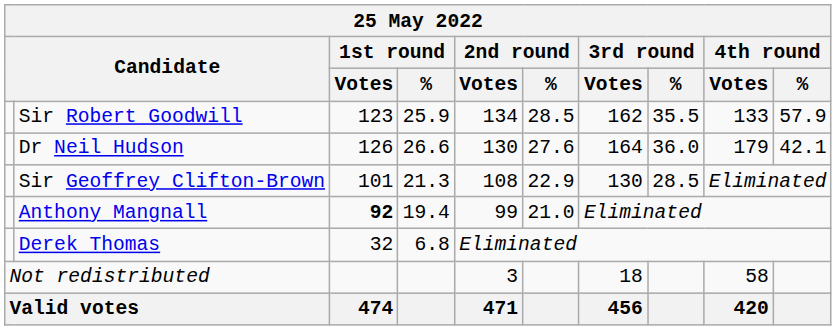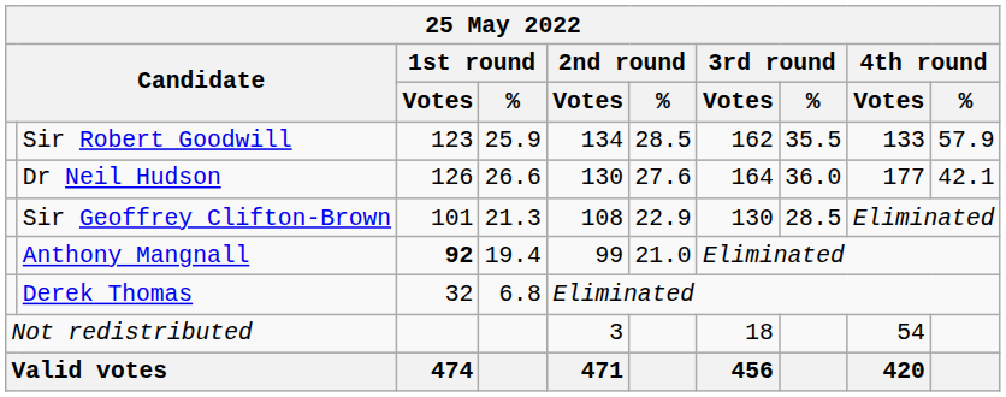 <table class="wikitable" style="min-width:250px">
 <tr>
 <th colspan="12">25 May 2022</th>
 </tr>
 <tr>
 <th colspan="2" rowspan="2">Candidate</th>
 <th colspan="2">1st round</th>
 <th colspan="2">2nd round</th>
 <th colspan="2">3rd round</th>
 <th colspan="2">4th round</th>
 </tr>
 <tr>
 <th>Votes</th>
 <th>%</th>
 <th>Votes</th>
 <th>%</th>
 <th>Votes</th>
 <th>%</th>
 <th>Votes</th>
 <th>%</th>
 </tr>
 <tr>
 <td style="color:inherit;background-color: "></td>
 <td>Sir <a href='#'>Robert Goodwill</a></td>
 <td align="right">123</td>
 <td align="right">25.9</td>
 <td align="right">134</td>
 <td align="right">28.5</td>
 <td align="right">162</td>
 <td align="right">35.5</td>
 <td align="right">133</td>
 <td align="right">57.9</td>
 </tr>
 <tr>
 <td style="color:inherit;background-color: "></td>
 <td>Dr <a href='#'>Neil Hudson</a></td>
 <td align="right">126</td>
 <td align="right">26.6</td>
 <td align="right">130</td>
 <td align="right">27.6</td>
 <td align="right">164</td>
 <td align="right">36.0</td>
-<td align="right">179</td>
+<td align="right">177</td>
 <td align="right">42.1</td>
 </tr>
 <tr>
 <td style="color:inherit;background-color: "></td>
 <td>Sir <a href='#'>Geoffrey Clifton-Brown</a></td>
 <td align="right">101</td>
 <td align="right">21.3</td>
 <td align="right">108</td>
 <td align="right">22.9</td>
 <td align="right">130</td>
 <td align="right">28.5</td>
 <td colspan="2"><em>Eliminated</em></td>
 </tr>
 <tr>
 <td style="color:inherit;background-color: "></td>
 <td><a href='#'>Anthony Mangnall</a></td>
 <td align="right"><strong>92</strong></td>
 <td align="right">19.4</td>
 <td align="right">99</td>
 <td align="right">21.0</td>
 <td colspan="4"><em>Eliminated</em></td>
 </tr>
 <tr>
 <td style="color:inherit;background-color: "></td>
 <td><a href='#'>Derek Thomas</a></td>
 <td align="right">32</td>
 <td align="right">6.8</td>
 <td colspan="6"><em>Eliminated</em></td>
 </tr>
 <tr>
 <td colspan="2"><em>Not redistributed</em></td>
 <td align="right"></td>
 <td align="right"></td>
 <td align="right">3</td>
 <td align="right"></td>
 <td align="right">18</td>
 <td align="right"></td>
-<td align="right">58</td>
+<td align="right">54</td>
 <td align="right"></td>
 </tr>
 <tr>
 <th style="text-align:left;" colspan="2"><strong>Valid votes</strong></th>
 <th style="text-align:right;">474</th>
 <th style="text-align:right;"></th>
 <th style="text-align:right;">471</th>
 <th style="text-align:right;"></th>
 <th style="text-align:right;">456</th>
 <th style="text-align:right;"></th>
 <th style="text-align:right;">420</th>
 <th style="text-align:right;"></th>
 </tr>
 </table>
